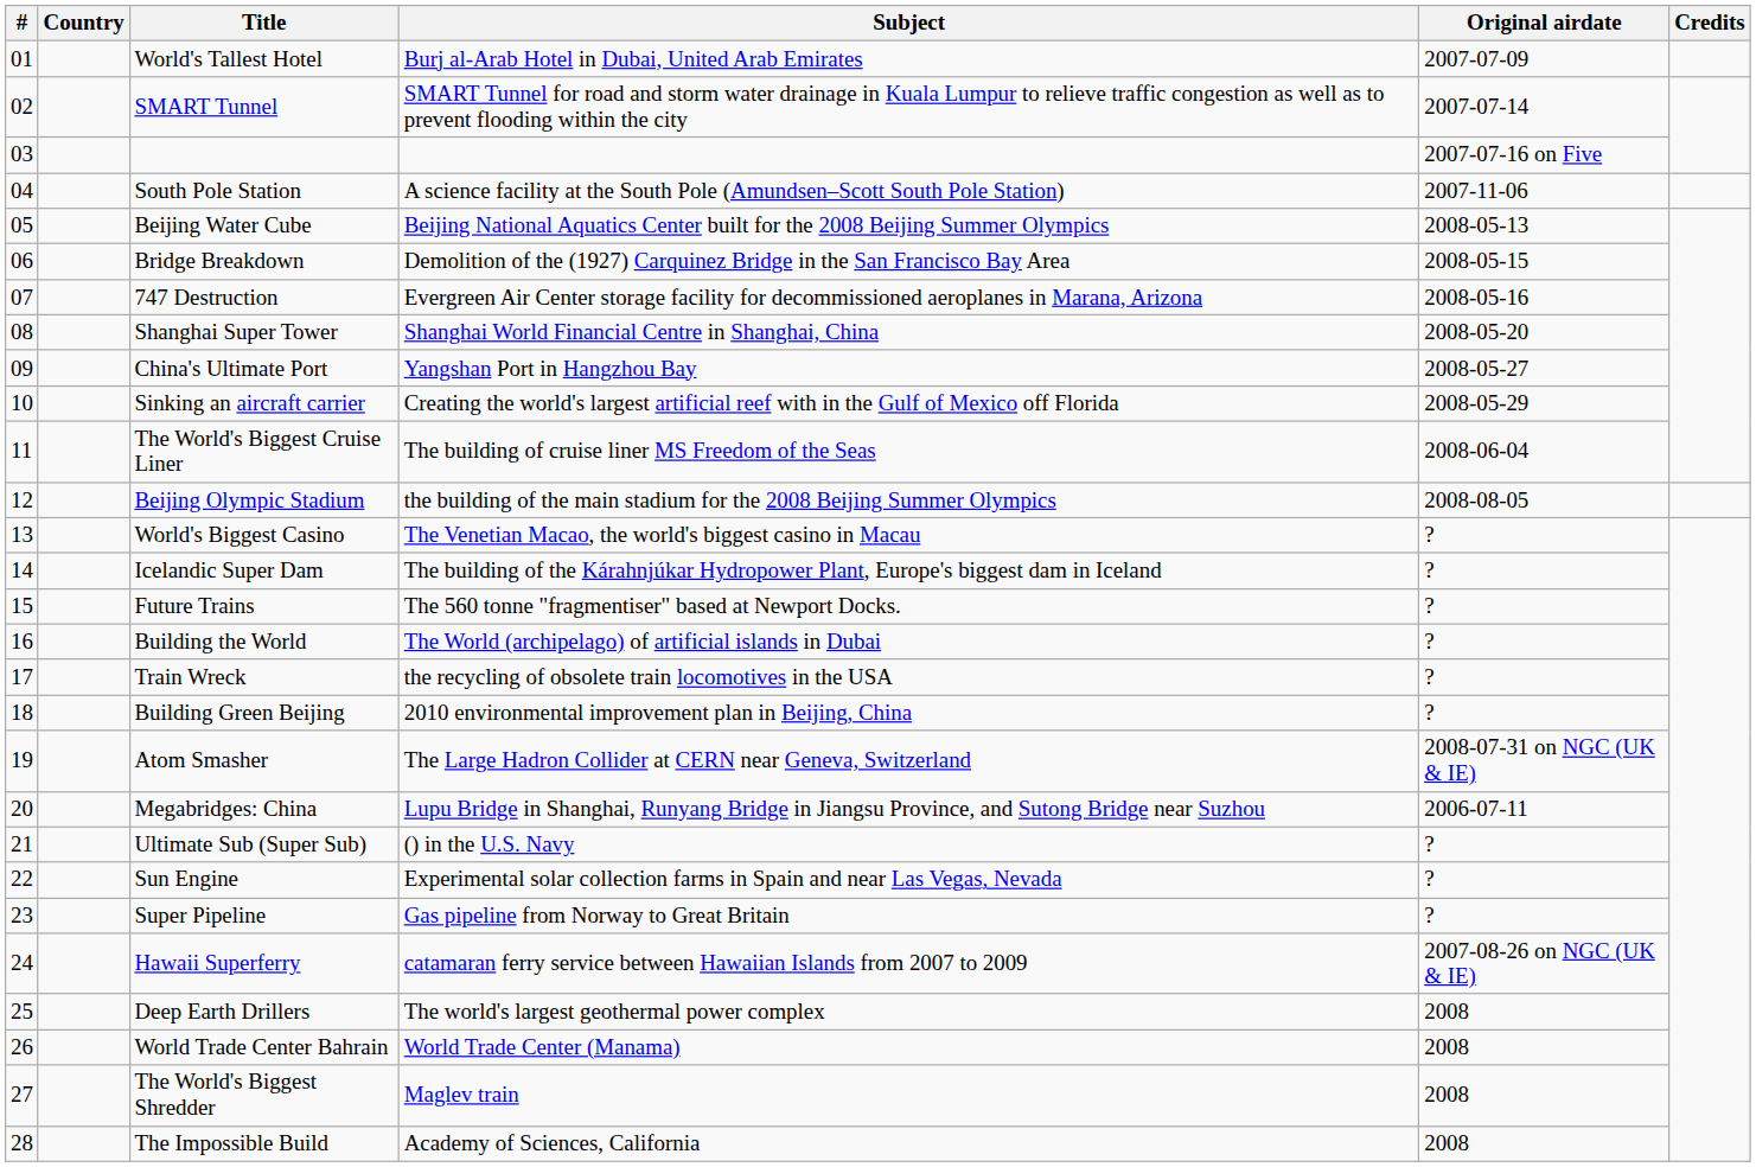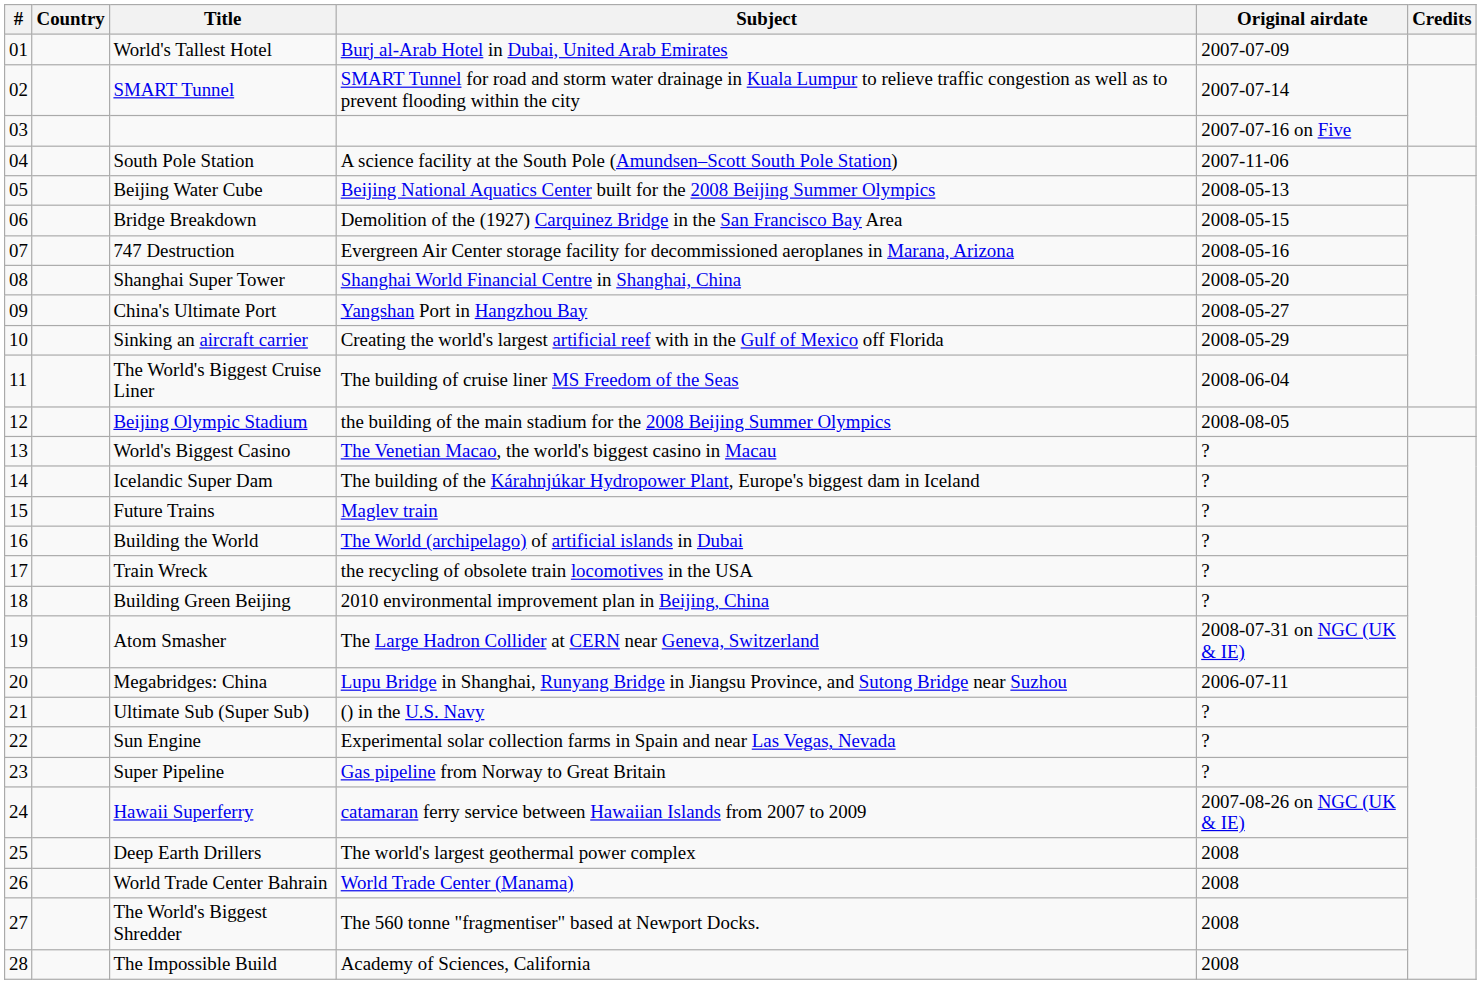 <table class="wikitable sortable">
 <tr>
 <th>#</th>
 <th>Country</th>
 <th>Title</th>
 <th>Subject</th>
 <th>Original airdate</th>
 <th>Credits</th>
 </tr>
 <tr>
 <td>01</td>
 <td><strong></strong></td>
 <td>World's Tallest Hotel</td>
 <td><a href='#'>Burj al-Arab Hotel</a> in <a href='#'>Dubai, United Arab Emirates</a></td>
 <td>2007-07-09</td>
 <td></td>
 </tr>
 <tr>
 <td>02</td>
 <td><strong></strong></td>
 <td><a href='#'>SMART Tunnel</a></td>
 <td><a href='#'>SMART Tunnel</a> for road and storm water drainage in <a href='#'>Kuala Lumpur</a> to relieve traffic congestion as well as to prevent flooding within the city</td>
 <td>2007-07-14</td>
 </tr>
 <tr>
 <td>03</td>
 <td></td>
 <td></td>
 <td></td>
 <td>2007-07-16 on <a href='#'>Five</a></td>
 </tr>
 <tr>
 <td>04</td>
 <td><strong></strong></td>
 <td>South Pole Station</td>
 <td>A science facility at the South Pole (<a href='#'>Amundsen–Scott South Pole Station</a>)</td>
 <td>2007-11-06</td>
 <td></td>
 </tr>
 <tr>
 <td>05</td>
 <td><strong></strong></td>
 <td>Beijing Water Cube</td>
 <td><a href='#'>Beijing National Aquatics Center</a> built for the <a href='#'>2008 Beijing Summer Olympics</a></td>
 <td>2008-05-13</td>
 </tr>
 <tr>
 <td>06</td>
 <td><strong></strong></td>
 <td>Bridge Breakdown</td>
 <td>Demolition of the (1927) <a href='#'>Carquinez Bridge</a> in the <a href='#'>San Francisco Bay</a> Area</td>
 <td>2008-05-15</td>
 </tr>
 <tr>
 <td>07</td>
 <td><strong></strong></td>
 <td>747 Destruction</td>
 <td>Evergreen Air Center storage facility for decommissioned aeroplanes in <a href='#'>Marana, Arizona</a></td>
 <td>2008-05-16</td>
 </tr>
 <tr>
 <td>08</td>
 <td><strong></strong></td>
 <td>Shanghai Super Tower</td>
 <td><a href='#'>Shanghai World Financial Centre</a> in <a href='#'>Shanghai, China</a></td>
 <td>2008-05-20</td>
 </tr>
 <tr>
 <td>09</td>
 <td><strong></strong></td>
 <td>China's Ultimate Port</td>
 <td><a href='#'>Yangshan</a> Port in <a href='#'>Hangzhou Bay</a></td>
 <td>2008-05-27</td>
 </tr>
 <tr>
 <td>10</td>
 <td><strong></strong></td>
 <td>Sinking an <a href='#'>aircraft carrier</a></td>
 <td>Creating the world's largest <a href='#'>artificial reef</a> with  in the <a href='#'>Gulf of Mexico</a> off Florida</td>
 <td>2008-05-29</td>
 </tr>
 <tr>
 <td>11</td>
 <td><strong></strong></td>
 <td>The World's Biggest Cruise Liner</td>
 <td>The building of cruise liner <a href='#'>MS Freedom of the Seas</a></td>
 <td>2008-06-04</td>
 </tr>
 <tr>
 <td>12</td>
 <td><strong></strong></td>
 <td><a href='#'>Beijing Olympic Stadium</a></td>
 <td>the building of the main stadium for the <a href='#'>2008 Beijing Summer Olympics</a></td>
 <td>2008-08-05</td>
 <td></td>
 </tr>
 <tr>
 <td>13</td>
 <td><strong></strong></td>
 <td>World's Biggest Casino</td>
 <td><a href='#'>The Venetian Macao</a>, the world's biggest casino in <a href='#'>Macau</a></td>
 <td>?</td>
 </tr>
 <tr>
 <td>14</td>
 <td><strong></strong></td>
 <td>Icelandic Super Dam</td>
 <td>The building of the <a href='#'>Kárahnjúkar Hydropower Plant</a>, Europe's biggest dam in Iceland</td>
 <td>?</td>
 </tr>
 <tr>
 <td>15</td>
 <td><strong></strong></td>
 <td>Future Trains</td>
-<td>The 560 tonne "fragmentiser" based at Newport Docks.</td>
+<td><a href='#'>Maglev train</a></td>
 <td>?</td>
 </tr>
 <tr>
 <td>16</td>
 <td><strong></strong></td>
 <td>Building the World</td>
 <td><a href='#'>The World (archipelago)</a> of <a href='#'>artificial islands</a> in <a href='#'>Dubai</a></td>
 <td>?</td>
 </tr>
 <tr>
 <td>17</td>
 <td><strong></strong></td>
 <td>Train Wreck</td>
 <td>the recycling of obsolete train <a href='#'>locomotives</a> in the USA</td>
 <td>?</td>
 </tr>
 <tr>
 <td>18</td>
 <td><strong></strong></td>
 <td>Building Green Beijing</td>
 <td>2010 environmental improvement plan in <a href='#'>Beijing, China</a></td>
 <td>?</td>
 </tr>
 <tr>
 <td>19</td>
 <td><strong></strong></td>
 <td>Atom Smasher</td>
 <td>The <a href='#'>Large Hadron Collider</a> at <a href='#'>CERN</a> near <a href='#'>Geneva, Switzerland</a></td>
 <td>2008-07-31 on <a href='#'>NGC (UK & IE)</a></td>
 </tr>
 <tr>
 <td>20</td>
 <td><strong></strong></td>
 <td>Megabridges: China</td>
 <td><a href='#'>Lupu Bridge</a> in Shanghai, <a href='#'>Runyang Bridge</a> in Jiangsu Province, and <a href='#'>Sutong Bridge</a> near <a href='#'>Suzhou</a></td>
 <td>2006-07-11</td>
 </tr>
 <tr>
 <td>21</td>
 <td><strong></strong></td>
 <td>Ultimate Sub (Super Sub)</td>
 <td> () in the <a href='#'>U.S. Navy</a></td>
 <td>?</td>
 </tr>
 <tr>
 <td>22</td>
 <td><strong></strong></td>
 <td>Sun Engine</td>
 <td>Experimental solar collection farms in Spain and near <a href='#'>Las Vegas, Nevada</a></td>
 <td>?</td>
 </tr>
 <tr>
 <td>23</td>
 <td><strong></strong></td>
 <td>Super Pipeline</td>
 <td><a href='#'>Gas pipeline</a> from Norway to Great Britain</td>
 <td>?</td>
 </tr>
 <tr>
 <td>24</td>
 <td><strong></strong></td>
 <td><a href='#'>Hawaii Superferry</a></td>
 <td><a href='#'>catamaran</a> ferry service between <a href='#'>Hawaiian Islands</a> from 2007 to 2009</td>
 <td>2007-08-26 on <a href='#'>NGC (UK & IE)</a></td>
 </tr>
 <tr>
 <td>25</td>
 <td><strong></strong></td>
 <td>Deep Earth Drillers</td>
 <td>The world's largest geothermal power complex</td>
 <td>2008</td>
 </tr>
 <tr>
 <td>26</td>
 <td><strong></strong></td>
 <td>World Trade Center Bahrain</td>
 <td><a href='#'>World Trade Center (Manama)</a></td>
 <td>2008</td>
 </tr>
 <tr>
 <td>27</td>
 <td><strong></strong></td>
 <td>The World's Biggest Shredder</td>
-<td><a href='#'>Maglev train</a></td>
+<td>The 560 tonne "fragmentiser" based at Newport Docks.</td>
 <td>2008</td>
 </tr>
 <tr>
 <td>28</td>
 <td><strong></strong></td>
 <td>The Impossible Build</td>
 <td>Academy of Sciences, California</td>
 <td>2008</td>
 </tr>
 </table>
